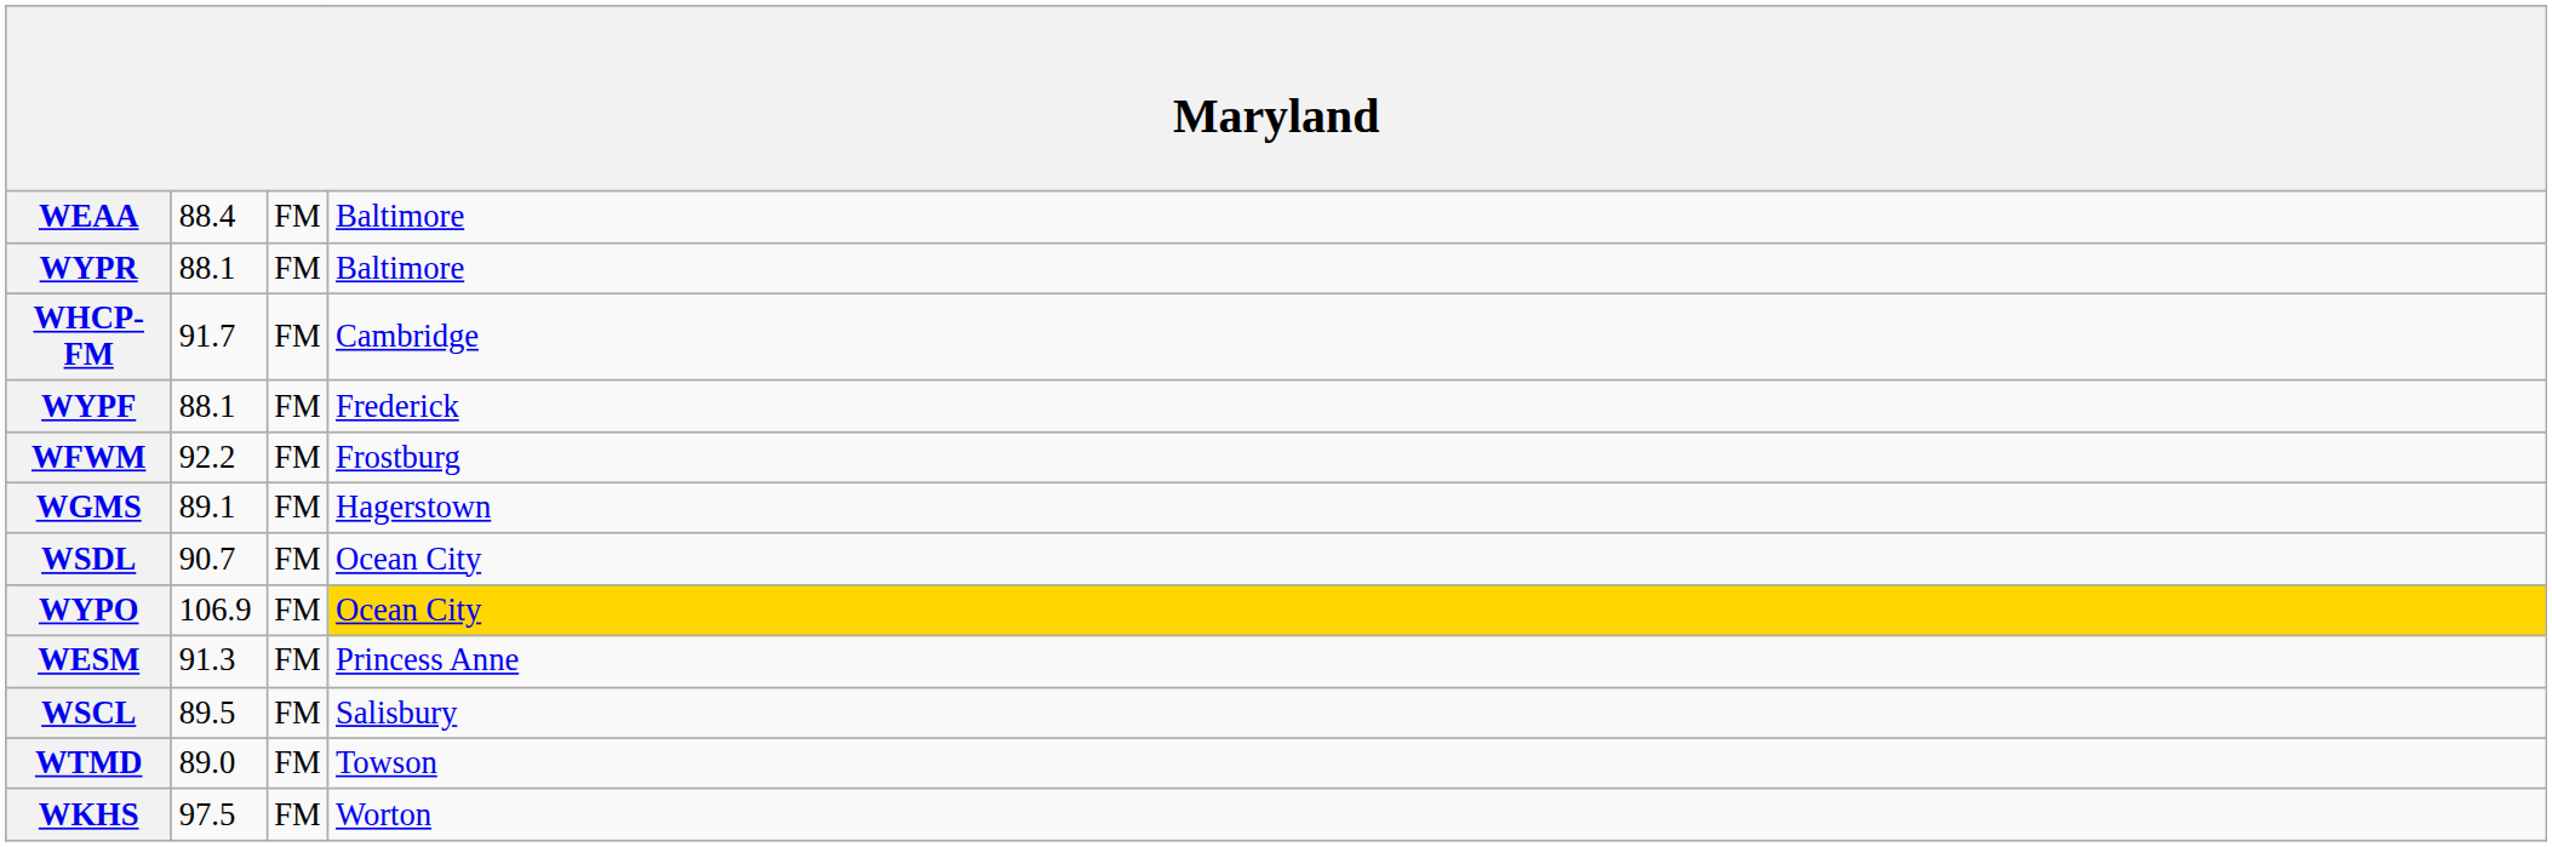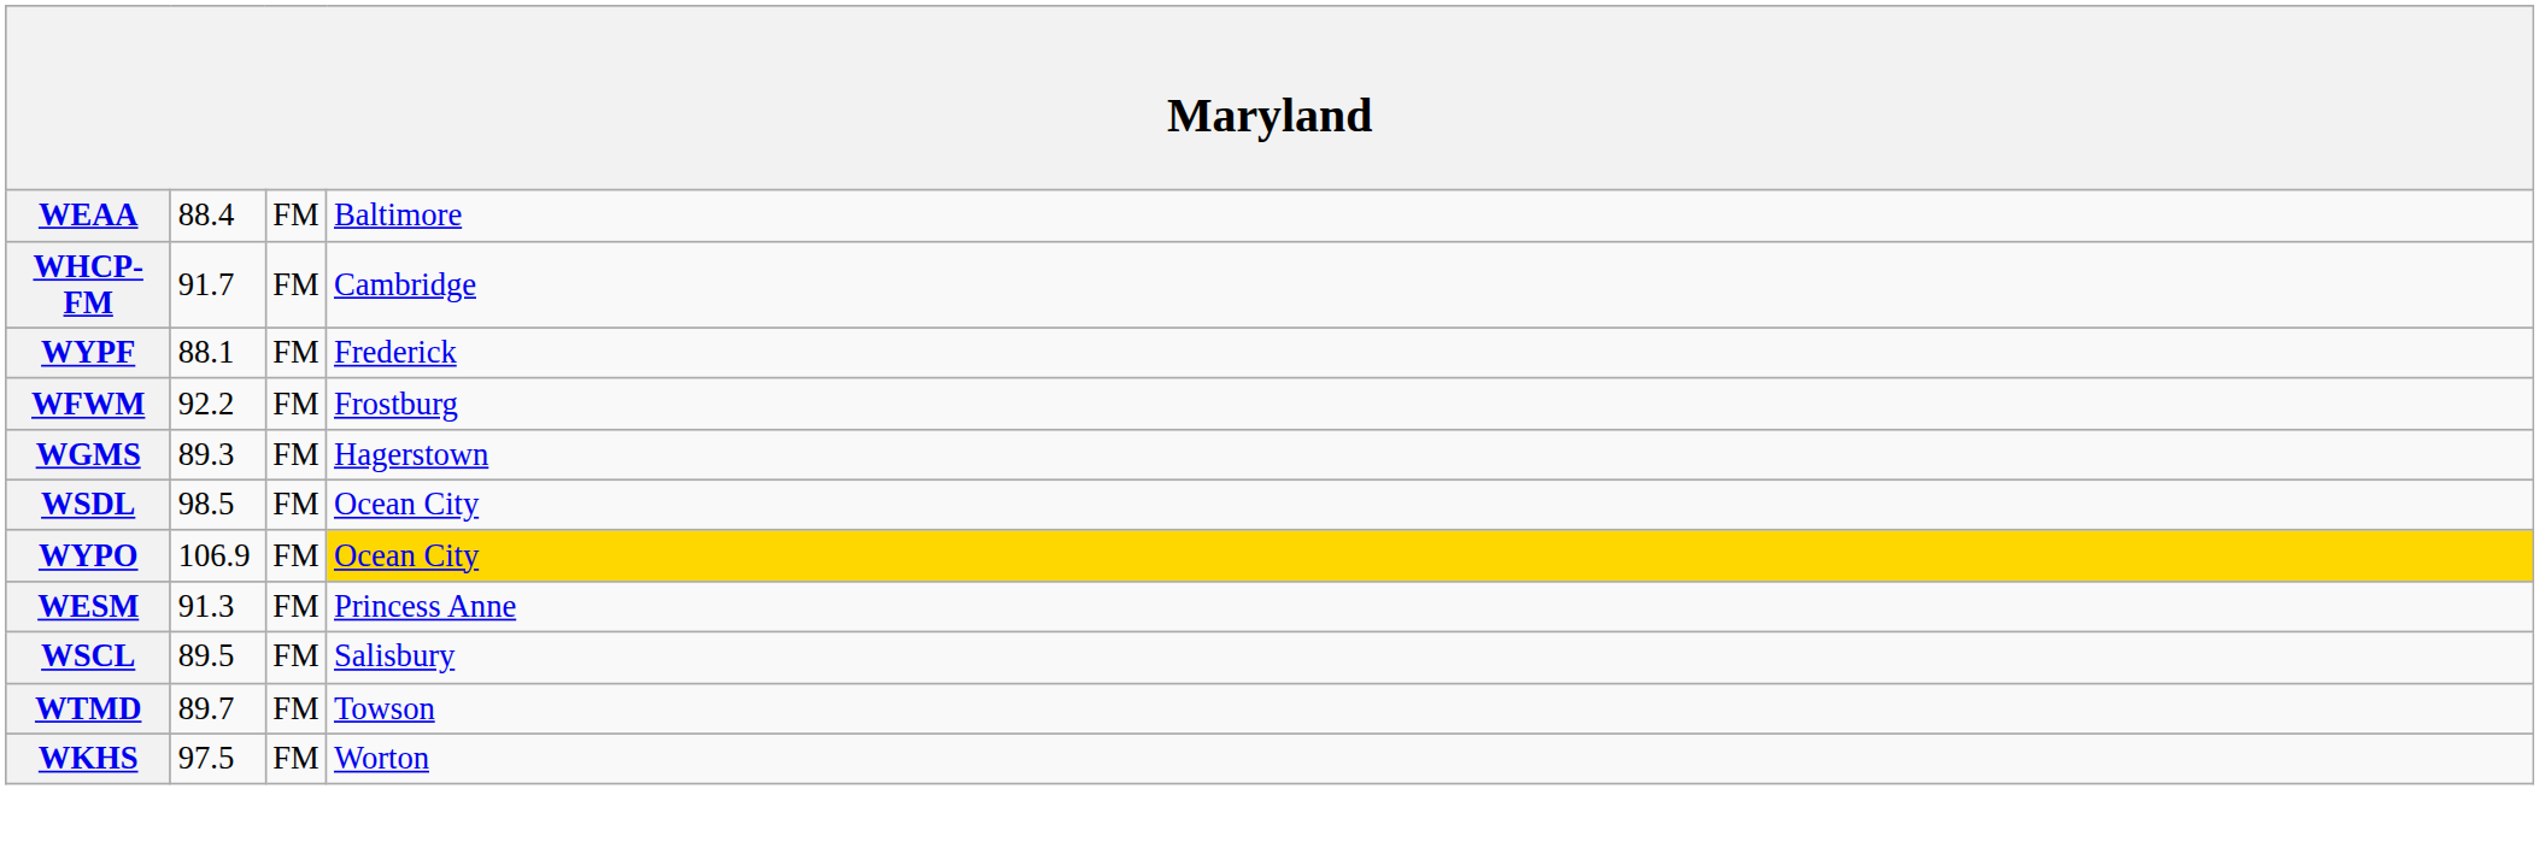 <table class="wikitable mw-collapsible" style="width:100%">
 <tr>
 <th scope="col" colspan="4"><br><h2>Maryland</h2></th>
 </tr>
 <tr>
 <th scope="row" style="width: 75px;"><a href='#'>WEAA</a></th>
 <td style="width: 40px;">88.4</td>
 <td style="width: 21px;">FM</td>
-<td><a href='#'>Baltimore</a></td>
-</tr>
-<tr>
-<th scope="row"><a href='#'>WYPR</a></th>
-<td>88.1</td>
-<td>FM</td>
 <td><a href='#'>Baltimore</a></td>
 </tr>
 <tr>
 <th scope="row"><a href='#'>WHCP-FM</a></th>
 <td>91.7</td>
 <td>FM</td>
 <td><a href='#'>Cambridge</a></td>
 </tr>
 <tr>
 <th scope="row"><a href='#'>WYPF</a></th>
 <td>88.1</td>
 <td>FM</td>
 <td><a href='#'>Frederick</a></td>
 </tr>
 <tr>
 <th scope="row"><a href='#'>WFWM</a></th>
 <td>92.2</td>
 <td>FM</td>
 <td><a href='#'>Frostburg</a></td>
 </tr>
 <tr>
 <th scope="row"><a href='#'>WGMS</a></th>
-<td>89.1</td>
+<td>89.3</td>
 <td>FM</td>
 <td><a href='#'>Hagerstown</a></td>
 </tr>
 <tr>
 <th scope="row"><a href='#'>WSDL</a></th>
-<td>90.7</td>
+<td>98.5</td>
 <td>FM</td>
 <td><a href='#'>Ocean City</a></td>
 </tr>
 <tr>
 <th scope="row"><a href='#'>WYPO</a></th>
 <td>106.9</td>
 <td>FM</td>
 <td style="background: gold;"><a href='#'>Ocean City</a></td>
 </tr>
 <tr>
 <th scope="row"><a href='#'>WESM</a></th>
 <td>91.3</td>
 <td>FM</td>
 <td><a href='#'>Princess Anne</a></td>
 </tr>
 <tr>
 <th scope="row"><a href='#'>WSCL</a></th>
 <td>89.5</td>
 <td>FM</td>
 <td><a href='#'>Salisbury</a></td>
 </tr>
 <tr>
 <th scope="row"><a href='#'>WTMD</a></th>
-<td>89.0</td>
+<td>89.7</td>
 <td>FM</td>
 <td><a href='#'>Towson</a></td>
 </tr>
 <tr>
 <th scope="row"><a href='#'>WKHS</a></th>
 <td>97.5</td>
 <td>FM</td>
 <td><a href='#'>Worton</a></td>
 </tr>
 </table>
